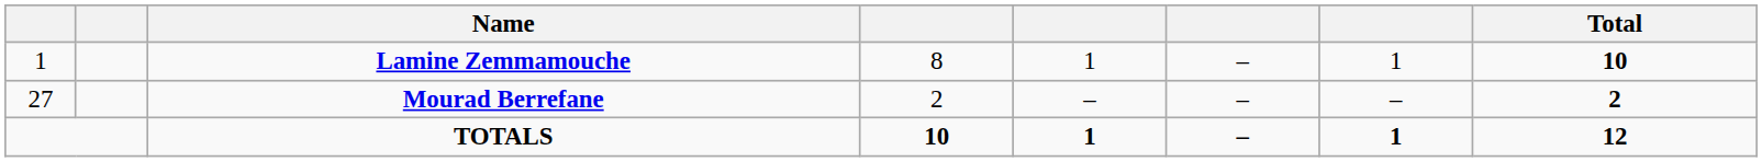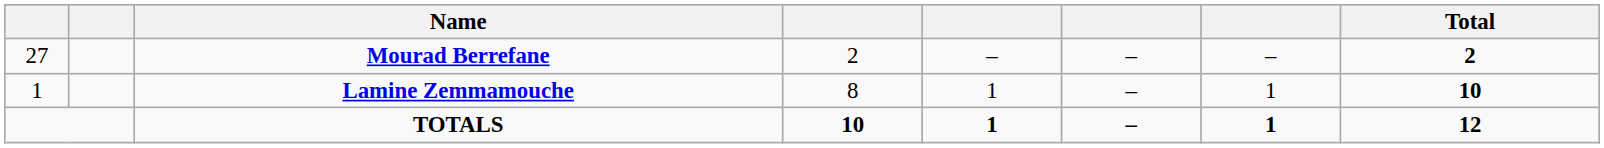 <table class="wikitable sortable alternance"  style="font-size:85%; text-align:center; line-height:14px; width:60%;">
 <tr>
 <th width=15></th>
 <th width=15></th>
 <th width=210>Name</th>
 <th width=40></th>
 <th width=40></th>
 <th width=40></th>
 <th width=40></th>
 <th width=80><strong>Total</strong></th>
 </tr>
 <tr>
+<td>27</td>
+<td></td>
+<td><strong><a href='#'>Mourad Berrefane</a></strong></td>
+<td>2</td>
+<td>–</td>
+<td>–</td>
+<td>–</td>
+<td><strong>2</strong></td>
+</tr>
+<tr>
 <td>1</td>
 <td></td>
 <td><strong><a href='#'>Lamine Zemmamouche</a></strong></td>
 <td>8</td>
 <td>1</td>
 <td>–</td>
 <td>1</td>
 <td><strong>10</strong></td>
-</tr>
-<tr>
-<td>27</td>
-<td></td>
-<td><strong><a href='#'>Mourad Berrefane</a></strong></td>
-<td>2</td>
-<td>–</td>
-<td>–</td>
-<td>–</td>
-<td><strong>2</strong></td>
 </tr>
 <tr>
 <td colspan="2"></td>
 <td><strong>TOTALS</strong></td>
 <td><strong>10</strong></td>
 <td><strong>1</strong></td>
 <td><strong>–</strong></td>
 <td><strong>1</strong></td>
 <td><strong>12</strong></td>
 </tr>
 </table>
